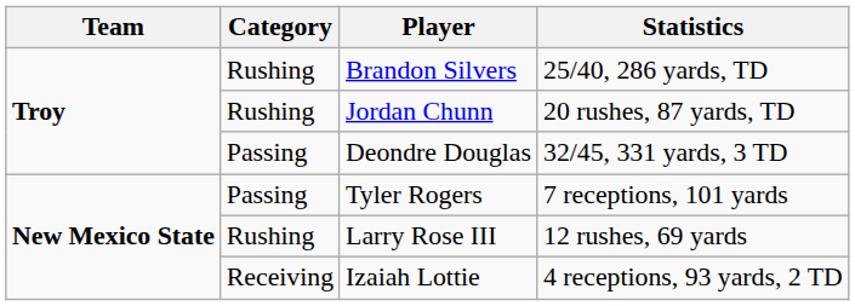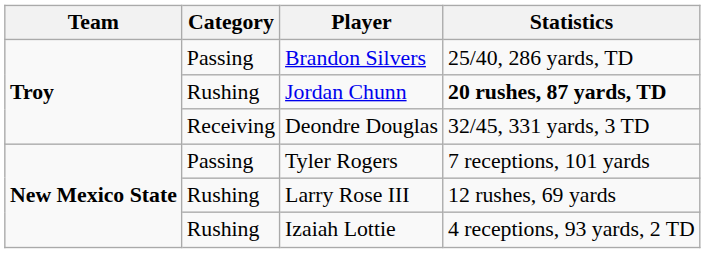 <table class="wikitable" style="float: right;">
 <tr>
 <th>Team</th>
 <th>Category</th>
 <th>Player</th>
 <th>Statistics</th>
 </tr>
 <tr>
 <td rowspan=3><strong>Troy</strong></td>
-<td>Rushing</td>
+<td>Passing</td>
 <td><a href='#'>Brandon Silvers</a></td>
 <td>25/40, 286 yards, TD</td>
 </tr>
 <tr>
 <td>Rushing</td>
 <td><a href='#'>Jordan Chunn</a></td>
-<td>20 rushes, 87 yards, TD</td>
+<td><strong>20 rushes, 87 yards, TD</strong></td>
 </tr>
 <tr>
-<td>Passing</td>
+<td>Receiving</td>
 <td>Deondre Douglas</td>
 <td>32/45, 331 yards, 3 TD</td>
 </tr>
 <tr>
 <td rowspan=3><strong>New Mexico State</strong></td>
 <td>Passing</td>
 <td>Tyler Rogers</td>
 <td>7 receptions, 101 yards</td>
 </tr>
 <tr>
 <td>Rushing</td>
 <td>Larry Rose III</td>
 <td>12 rushes, 69 yards</td>
 </tr>
 <tr>
-<td>Receiving</td>
+<td>Rushing</td>
 <td>Izaiah Lottie</td>
 <td>4 receptions, 93 yards, 2 TD</td>
 </tr>
 </table>
